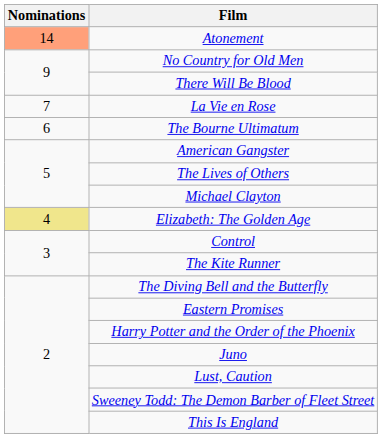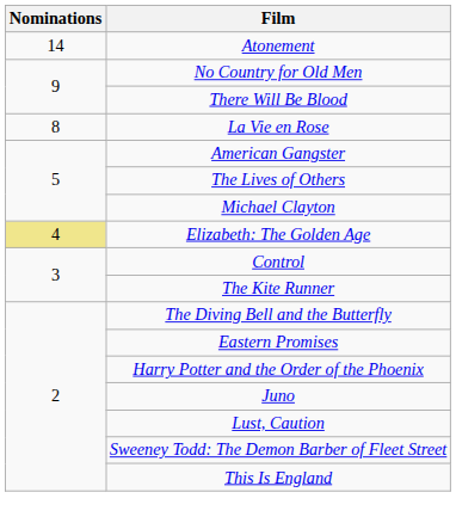 <table class="wikitable" style="text-align:center;">
 <tr>
 <th style="background:">Nominations</th>
 <th style="background:">Film</th>
 </tr>
 <tr>
-<td style="background: lightsalmon;">14</td>
+<td>14</td>
 <td><em><a href='#'>Atonement</a></em></td>
 </tr>
 <tr>
 <td rowspan="2">9</td>
 <td><em><a href='#'>No Country for Old Men</a></em></td>
 </tr>
 <tr>
 <td><em><a href='#'>There Will Be Blood</a></em></td>
 </tr>
 <tr>
-<td>7</td>
+<td>8</td>
 <td><em><a href='#'>La Vie en Rose</a></em></td>
-</tr>
-<tr>
-<td>6</td>
-<td><em><a href='#'>The Bourne Ultimatum</a></em></td>
 </tr>
 <tr>
 <td rowspan="3">5</td>
 <td><em><a href='#'>American Gangster</a></em></td>
 </tr>
 <tr>
 <td><em><a href='#'>The Lives of Others</a></em></td>
 </tr>
 <tr>
 <td><em><a href='#'>Michael Clayton</a></em></td>
 </tr>
 <tr>
 <td style="background: khaki;">4</td>
 <td><em><a href='#'>Elizabeth: The Golden Age</a></em></td>
 </tr>
 <tr>
 <td rowspan="2">3</td>
 <td><em><a href='#'>Control</a></em></td>
 </tr>
 <tr>
 <td><em><a href='#'>The Kite Runner</a></em></td>
 </tr>
 <tr>
 <td rowspan="7">2</td>
 <td><em><a href='#'>The Diving Bell and the Butterfly</a></em></td>
 </tr>
 <tr>
 <td><em><a href='#'>Eastern Promises</a></em></td>
 </tr>
 <tr>
 <td><em><a href='#'>Harry Potter and the Order of the Phoenix</a></em></td>
 </tr>
 <tr>
 <td><em><a href='#'>Juno</a></em></td>
 </tr>
 <tr>
 <td><em><a href='#'>Lust, Caution</a></em></td>
 </tr>
 <tr>
 <td><em><a href='#'>Sweeney Todd: The Demon Barber of Fleet Street</a></em></td>
 </tr>
 <tr>
 <td><em><a href='#'>This Is England</a></em></td>
 </tr>
 </table>
